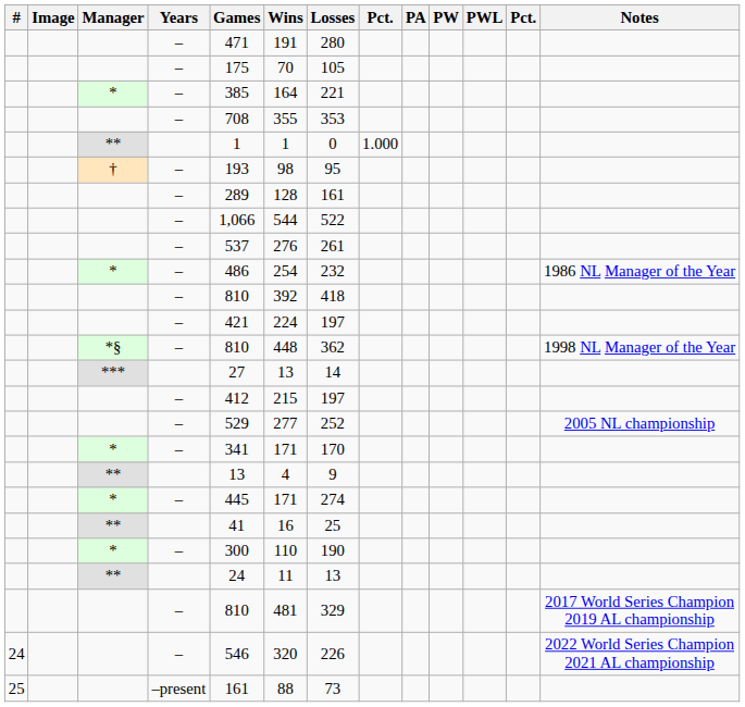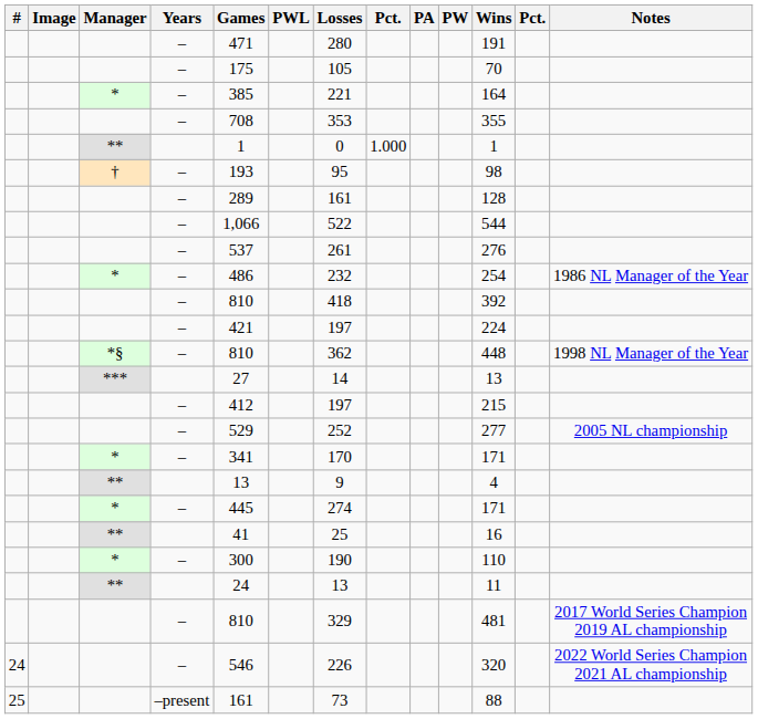 <table class="wikitable sortable" style="text-align:center">
 <tr>
 <th class="unsortable">#</th>
 <th class="unsortable">Image</th>
 <th>Manager</th>
 <th>Years</th>
 <th>Games</th>
-<th>Wins</th>
+<th>PWL</th>
 <th>Losses</th>
 <th>Pct.</th>
 <th>PA</th>
 <th>PW</th>
-<th>PWL</th>
+<th>Wins</th>
 <th class="unsortable">Pct.</th>
 <th class="unsortable">Notes</th>
 </tr>
 <tr>
 <td align="center"></td>
 <td></td>
 <td></td>
 <td>–</td>
 <td align=center>471</td>
-<td align=center>191</td>
+<td align=center></td>
 <td align=center>280</td>
 <td align=center></td>
 <td align=center></td>
 <td align=center></td>
-<td align=center></td>
+<td align=center>191</td>
 <td align=center></td>
 <td></td>
 </tr>
 <tr>
 <td align="center"></td>
 <td></td>
 <td></td>
 <td>–</td>
 <td align=center>175</td>
-<td align=center>70</td>
+<td align=center></td>
 <td align=center>105</td>
 <td align=center></td>
 <td align=center></td>
 <td align=center></td>
-<td align=center></td>
+<td align=center>70</td>
 <td align=center></td>
 <td></td>
 </tr>
 <tr>
 <td align="center"></td>
 <td></td>
 <td style="background-color:#ddffdd">*</td>
 <td>–</td>
 <td align=center>385</td>
-<td align=center>164</td>
+<td align=center></td>
 <td align=center>221</td>
 <td align=center></td>
 <td align=center></td>
 <td align=center></td>
-<td align=center></td>
+<td align=center>164</td>
 <td align=center></td>
 <td></td>
 </tr>
 <tr>
 <td align="center"></td>
 <td></td>
 <td></td>
 <td>–</td>
 <td align=center>708</td>
-<td align=center>355</td>
+<td align=center></td>
 <td align=center>353</td>
 <td align=center></td>
 <td align=center></td>
 <td align=center></td>
-<td align=center></td>
+<td align=center>355</td>
 <td align=center></td>
 <td></td>
 </tr>
 <tr>
 <td align="center"></td>
 <td></td>
 <td style="background-color:#E0E0E0">**</td>
 <td></td>
 <td align=center>1</td>
-<td align=center>1</td>
+<td align=center></td>
 <td align=center>0</td>
 <td align=center>1.000</td>
 <td align=center></td>
 <td align=center></td>
-<td align=center></td>
+<td align=center>1</td>
 <td align=center></td>
 <td></td>
 </tr>
 <tr>
 <td align="center"></td>
 <td></td>
 <td style="background-color:#FFE6BD">†</td>
 <td>–</td>
 <td align=center>193</td>
-<td align=center>98</td>
+<td align=center></td>
 <td align=center>95</td>
 <td align=center></td>
 <td align=center></td>
 <td align=center></td>
-<td align=center></td>
+<td align=center>98</td>
 <td align=center></td>
 <td></td>
 </tr>
 <tr>
 <td align="center"></td>
 <td></td>
 <td></td>
 <td>–</td>
 <td align=center>289</td>
-<td align=center>128</td>
+<td align=center></td>
 <td align=center>161</td>
 <td align=center></td>
 <td align=center></td>
 <td align=center></td>
-<td align=center></td>
+<td align=center>128</td>
 <td align=center></td>
 <td></td>
 </tr>
 <tr>
 <td align="center"></td>
 <td></td>
 <td></td>
 <td>–</td>
 <td align=center>1,066</td>
-<td align=center>544</td>
+<td align=center></td>
 <td align=center>522</td>
 <td align=center></td>
 <td align=center></td>
 <td align=center></td>
-<td align=center></td>
+<td align=center>544</td>
 <td align=center></td>
 <td></td>
 </tr>
 <tr>
 <td align="center"></td>
 <td></td>
 <td></td>
 <td>–</td>
 <td align=center>537</td>
-<td align=center>276</td>
+<td align=center></td>
 <td align=center>261</td>
 <td align=center></td>
 <td align=center></td>
 <td align=center></td>
-<td align=center></td>
+<td align=center>276</td>
 <td align=center></td>
 <td></td>
 </tr>
 <tr>
 <td align="center"></td>
 <td></td>
 <td style="background-color:#ddffdd">*</td>
 <td>–</td>
 <td align=center>486</td>
-<td align=center>254</td>
+<td align=center></td>
 <td align=center>232</td>
 <td align=center></td>
 <td align=center></td>
 <td align=center></td>
-<td align=center></td>
+<td align=center>254</td>
 <td align=center></td>
 <td>1986 <a href='#'>NL</a> <a href='#'>Manager of the Year</a></td>
 </tr>
 <tr>
 <td align="center"></td>
 <td></td>
 <td></td>
 <td>–</td>
 <td align=center>810</td>
-<td align=center>392</td>
+<td align=center></td>
 <td align=center>418</td>
 <td align=center></td>
 <td align=center></td>
 <td align=center></td>
-<td align=center></td>
+<td align=center>392</td>
 <td align=center></td>
 <td></td>
 </tr>
 <tr>
 <td align="center"></td>
 <td></td>
 <td></td>
 <td>–</td>
 <td align=center>421</td>
-<td align=center>224</td>
+<td align=center></td>
 <td align=center>197</td>
 <td align=center></td>
 <td align=center></td>
 <td align=center></td>
-<td align=center></td>
+<td align=center>224</td>
 <td align=center></td>
 <td></td>
 </tr>
 <tr>
 <td align="center"></td>
 <td></td>
 <td style="background-color:#ddffdd">*§</td>
 <td>–</td>
 <td align=center>810</td>
-<td align=center>448</td>
+<td align=center></td>
 <td align=center>362</td>
 <td align=center></td>
 <td align=center></td>
 <td align=center></td>
-<td align=center></td>
+<td align=center>448</td>
 <td align=center></td>
 <td>1998 <a href='#'>NL</a> <a href='#'>Manager of the Year</a></td>
 </tr>
 <tr>
 <td align="center"></td>
 <td></td>
 <td style="background-color:#E0E0E0">***</td>
 <td></td>
 <td align=center>27</td>
-<td align=center>13</td>
+<td align=center></td>
 <td align=center>14</td>
 <td align=center></td>
 <td align=center></td>
 <td align=center></td>
-<td align=center></td>
+<td align=center>13</td>
 <td align=center></td>
 <td></td>
 </tr>
 <tr>
 <td align="center"></td>
 <td></td>
 <td></td>
 <td>–</td>
 <td align=center>412</td>
-<td align=center>215</td>
+<td align=center></td>
 <td align=center>197</td>
 <td align=center></td>
 <td align=center></td>
 <td align=center></td>
-<td align=center></td>
+<td align=center>215</td>
 <td align=center></td>
 <td></td>
 </tr>
 <tr>
 <td align="center"></td>
 <td></td>
 <td></td>
 <td>–</td>
 <td align=center>529</td>
-<td align=center>277</td>
+<td align=center></td>
 <td align=center>252</td>
 <td align=center></td>
 <td align=center></td>
 <td align=center></td>
-<td align=center></td>
+<td align=center>277</td>
 <td align=center></td>
 <td><a href='#'>2005 NL championship</a></td>
 </tr>
 <tr>
 <td align="center"></td>
 <td></td>
 <td style="background-color:#ddffdd">*</td>
 <td>–</td>
 <td align=center>341</td>
-<td align=center>171</td>
+<td align=center></td>
 <td align=center>170</td>
 <td align=center></td>
 <td align=center></td>
 <td align=center></td>
-<td align=center></td>
+<td align=center>171</td>
 <td align=center></td>
 <td></td>
 </tr>
 <tr>
 <td align="center"></td>
 <td></td>
 <td style="background-color:#E0E0E0">**</td>
 <td></td>
 <td align=center>13</td>
-<td align=center>4</td>
+<td align=center></td>
 <td align=center>9</td>
 <td align=center></td>
 <td align=center></td>
 <td align=center></td>
-<td align=center></td>
+<td align=center>4</td>
 <td align=center></td>
 <td></td>
 </tr>
 <tr>
 <td align="center"></td>
 <td></td>
 <td style="background-color:#ddffdd">*</td>
 <td>–</td>
 <td align=center>445</td>
-<td align=center>171</td>
+<td align=center></td>
 <td align=center>274</td>
 <td align=center></td>
 <td align=center></td>
 <td align=center></td>
-<td align=center></td>
+<td align=center>171</td>
 <td align=center></td>
 <td></td>
 </tr>
 <tr>
 <td align="center"></td>
 <td></td>
 <td style="background-color:#E0E0E0">**</td>
 <td></td>
 <td align=center>41</td>
-<td align=center>16</td>
+<td align=center></td>
 <td align=center>25</td>
 <td align=center></td>
 <td align=center></td>
 <td align=center></td>
-<td align=center></td>
+<td align=center>16</td>
 <td align=center></td>
 <td></td>
 </tr>
 <tr>
 <td align="center"></td>
 <td></td>
 <td style="background-color:#ddffdd">*</td>
 <td>–</td>
 <td align=center>300</td>
-<td align=center>110</td>
+<td align=center></td>
 <td align=center>190</td>
 <td align=center></td>
 <td align=center></td>
 <td align=center></td>
-<td align=center></td>
+<td align=center>110</td>
 <td align=center></td>
 <td></td>
 </tr>
 <tr>
 <td align="center"></td>
 <td></td>
 <td style="background-color:#E0E0E0">**</td>
 <td></td>
 <td align=center>24</td>
-<td align=center>11</td>
+<td align=center></td>
 <td align=center>13</td>
 <td align=center></td>
 <td align=center></td>
 <td align=center></td>
-<td align=center></td>
+<td align=center>11</td>
 <td align=center></td>
 <td></td>
 </tr>
 <tr>
 <td align="center"></td>
 <td></td>
 <td></td>
 <td>–</td>
 <td align=center>810</td>
-<td align=center>481</td>
+<td align=center></td>
 <td align=center>329</td>
 <td align=center></td>
 <td align=center></td>
 <td align=center></td>
-<td align=center></td>
+<td align=center>481</td>
 <td align=center></td>
 <td><a href='#'>2017 World Series Champion</a><br><a href='#'>2019 AL championship</a></td>
 </tr>
 <tr>
 <td>24</td>
 <td></td>
 <td></td>
 <td {{nowrap>–</td>
 <td align=center>546</td>
-<td align=center>320</td>
+<td align=center></td>
 <td align=center>226</td>
 <td align=center></td>
 <td align=center></td>
 <td align=center></td>
-<td align=center></td>
+<td align=center>320</td>
 <td align=center></td>
 <td><a href='#'>2022 World Series Champion</a><br><a href='#'>2021 AL championship</a></td>
 </tr>
 <tr>
 <td>25</td>
 <td></td>
 <td></td>
 <td {{nowrap>–present</td>
 <td align=center>161</td>
-<td align=center>88</td>
+<td align=center></td>
 <td align=center>73</td>
 <td align=center></td>
 <td align=center></td>
 <td align=center></td>
-<td align=center></td>
+<td align=center>88</td>
 <td align=center></td>
 <td></td>
 </tr>
 </table>
